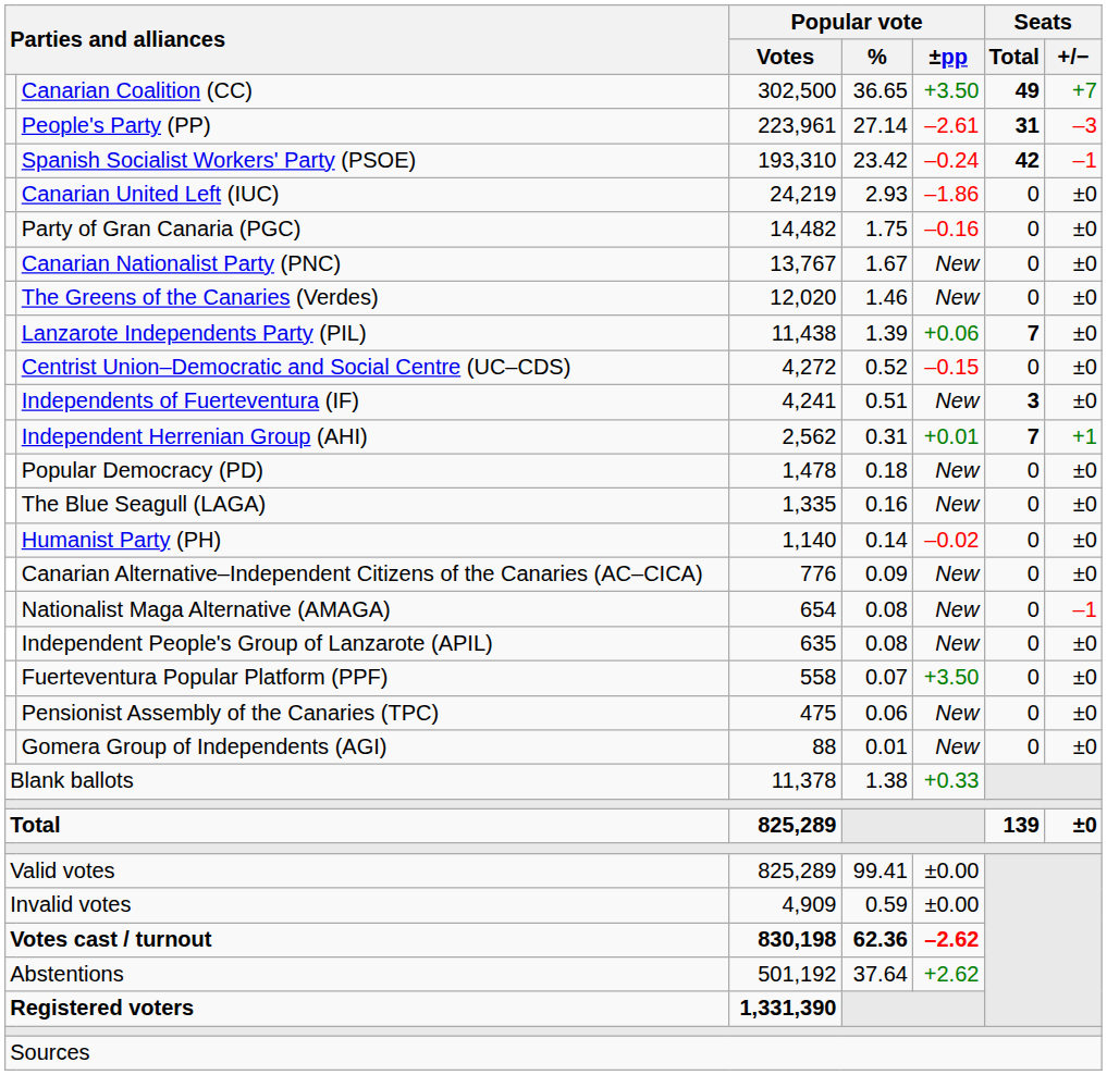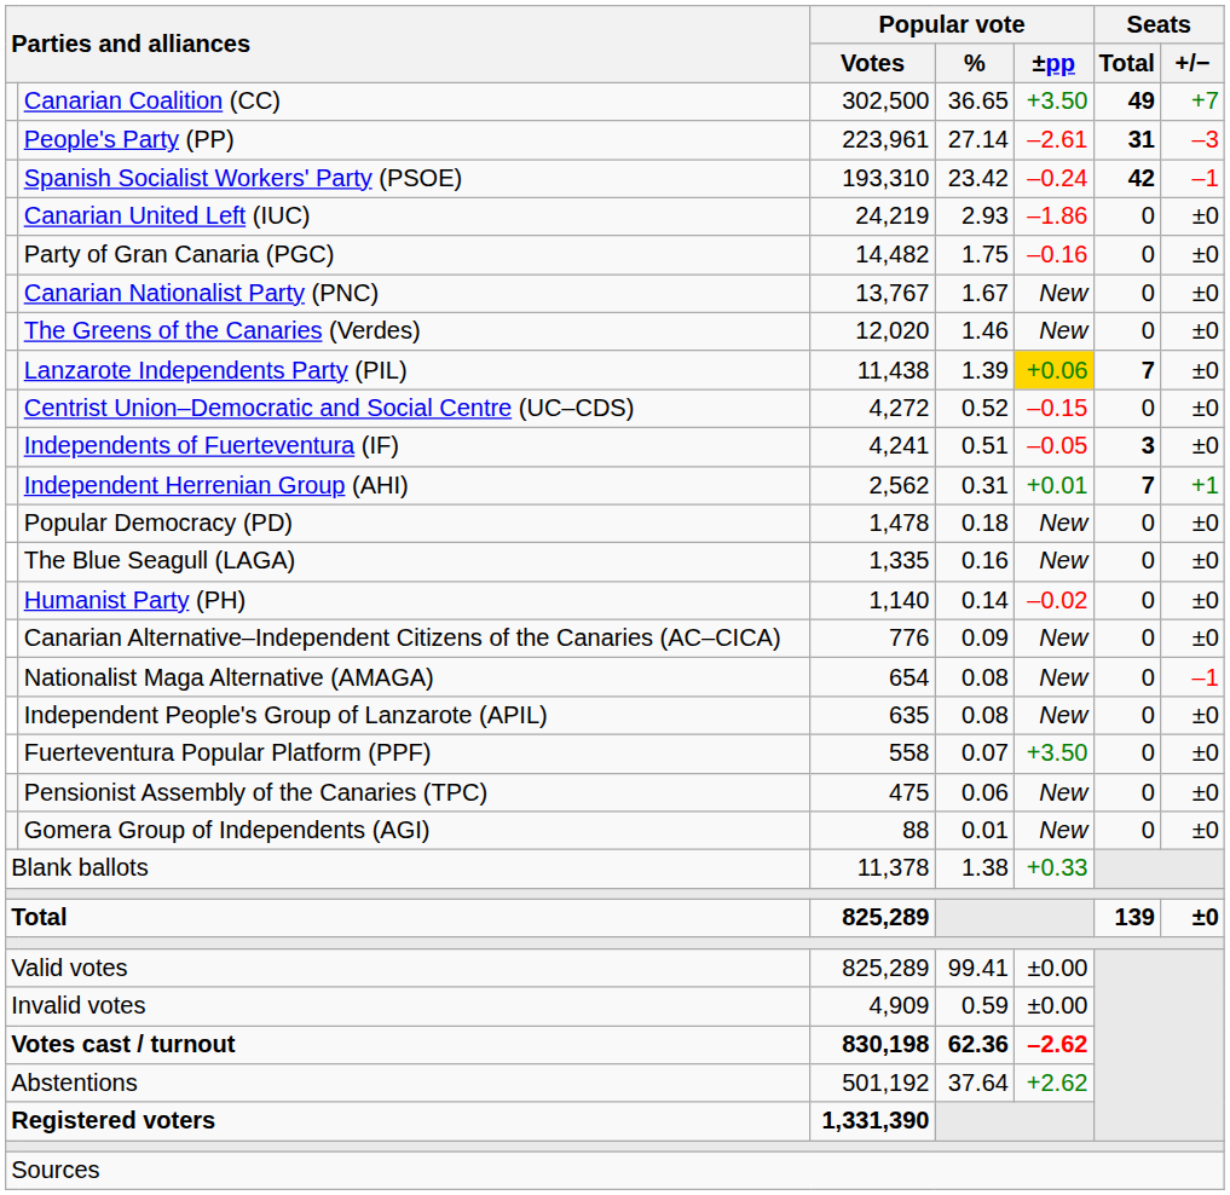 <table class="wikitable" style="text-align:right;">
 <tr>
 <th style="text-align:left;" rowspan="2" colspan="2" width="525">Parties and alliances</th>
 <th colspan="3">Popular vote</th>
 <th colspan="2">Seats</th>
 </tr>
 <tr>
 <th width="75">Votes</th>
 <th width="45">%</th>
 <th width="45">±<a href='#'>pp</a></th>
 <th width="35">Total</th>
 <th width="35">+/−</th>
 </tr>
 <tr>
 <td width="1" style="color:inherit;background:"></td>
 <td align="left"><a href='#'>Canarian Coalition</a> (CC)</td>
 <td>302,500</td>
 <td>36.65</td>
 <td style="color:green;">+3.50</td>
 <td><strong>49</strong></td>
 <td style="color:green;">+7</td>
 </tr>
 <tr>
 <td style="color:inherit;background:"></td>
 <td align="left"><a href='#'>People's Party</a> (PP)</td>
 <td>223,961</td>
 <td>27.14</td>
 <td style="color:red;">–2.61</td>
 <td><strong>31</strong></td>
 <td style="color:red;">–3</td>
 </tr>
 <tr>
 <td style="color:inherit;background:"></td>
 <td align="left"><a href='#'>Spanish Socialist Workers' Party</a> (PSOE)</td>
 <td>193,310</td>
 <td>23.42</td>
 <td style="color:red;">–0.24</td>
 <td><strong>42</strong></td>
 <td style="color:red;">–1</td>
 </tr>
 <tr>
 <td style="color:inherit;background:"></td>
 <td align="left"><a href='#'>Canarian United Left</a> (IUC)</td>
 <td>24,219</td>
 <td>2.93</td>
 <td style="color:red;">–1.86</td>
 <td>0</td>
 <td>±0</td>
 </tr>
 <tr>
 <td style="color:inherit;background:"></td>
 <td align="left">Party of Gran Canaria (PGC)</td>
 <td>14,482</td>
 <td>1.75</td>
 <td style="color:red;">–0.16</td>
 <td>0</td>
 <td>±0</td>
 </tr>
 <tr>
 <td style="color:inherit;background:"></td>
 <td align="left"><a href='#'>Canarian Nationalist Party</a> (PNC)</td>
 <td>13,767</td>
 <td>1.67</td>
 <td><em>New</em></td>
 <td>0</td>
 <td>±0</td>
 </tr>
 <tr>
 <td style="color:inherit;background:"></td>
 <td align="left"><a href='#'>The Greens of the Canaries</a> (Verdes)</td>
 <td>12,020</td>
 <td>1.46</td>
 <td><em>New</em></td>
 <td>0</td>
 <td>±0</td>
 </tr>
 <tr>
 <td style="color:inherit;background:"></td>
 <td align="left"><a href='#'>Lanzarote Independents Party</a> (PIL)</td>
 <td>11,438</td>
 <td>1.39</td>
-<td style="color:green;">+0.06</td>
+<td style="background: gold; color:green;">+0.06</td>
 <td><strong>7</strong></td>
 <td>±0</td>
 </tr>
 <tr>
 <td style="color:inherit;background:"></td>
 <td align="left"><a href='#'>Centrist Union–Democratic and Social Centre</a> (UC–CDS)</td>
 <td>4,272</td>
 <td>0.52</td>
 <td style="color:red;">–0.15</td>
 <td>0</td>
 <td>±0</td>
 </tr>
 <tr>
 <td style="color:inherit;background:"></td>
 <td align="left"><a href='#'>Independents of Fuerteventura</a> (IF)</td>
 <td>4,241</td>
 <td>0.51</td>
-<td><em>New</em></td>
+<td style="color:red;">–0.05</td>
 <td><strong>3</strong></td>
 <td>±0</td>
 </tr>
 <tr>
 <td style="color:inherit;background:"></td>
 <td align="left"><a href='#'>Independent Herrenian Group</a> (AHI)</td>
 <td>2,562</td>
 <td>0.31</td>
 <td style="color:green;">+0.01</td>
 <td><strong>7</strong></td>
 <td style="color:green;">+1</td>
 </tr>
 <tr>
 <td bgcolor="white"></td>
 <td align="left">Popular Democracy (PD)</td>
 <td>1,478</td>
 <td>0.18</td>
 <td><em>New</em></td>
 <td>0</td>
 <td>±0</td>
 </tr>
 <tr>
 <td bgcolor="white"></td>
 <td align="left">The Blue Seagull (LAGA)</td>
 <td>1,335</td>
 <td>0.16</td>
 <td><em>New</em></td>
 <td>0</td>
 <td>±0</td>
 </tr>
 <tr>
 <td style="color:inherit;background:"></td>
 <td align="left"><a href='#'>Humanist Party</a> (PH)</td>
 <td>1,140</td>
 <td>0.14</td>
 <td style="color:red;">–0.02</td>
 <td>0</td>
 <td>±0</td>
 </tr>
 <tr>
 <td bgcolor="white"></td>
 <td align="left">Canarian Alternative–Independent Citizens of the Canaries (AC–CICA)</td>
 <td>776</td>
 <td>0.09</td>
 <td><em>New</em></td>
 <td>0</td>
 <td>±0</td>
 </tr>
 <tr>
 <td style="color:inherit;background:"></td>
 <td align="left">Nationalist Maga Alternative (AMAGA)</td>
 <td>654</td>
 <td>0.08</td>
 <td><em>New</em></td>
 <td>0</td>
 <td style="color:red;">–1</td>
 </tr>
 <tr>
 <td bgcolor="white"></td>
 <td align="left">Independent People's Group of Lanzarote (APIL)</td>
 <td>635</td>
 <td>0.08</td>
 <td><em>New</em></td>
 <td>0</td>
 <td>±0</td>
 </tr>
 <tr>
 <td bgcolor="white"></td>
 <td align="left">Fuerteventura Popular Platform (PPF)</td>
 <td>558</td>
 <td>0.07</td>
 <td style="color:green;">+3.50</td>
 <td>0</td>
 <td>±0</td>
 </tr>
 <tr>
 <td style="color:inherit;background:"></td>
 <td align="left">Pensionist Assembly of the Canaries (TPC)</td>
 <td>475</td>
 <td>0.06</td>
 <td><em>New</em></td>
 <td>0</td>
 <td>±0</td>
 </tr>
 <tr>
 <td style="color:inherit;background:"></td>
 <td align="left">Gomera Group of Independents (AGI)</td>
 <td>88</td>
 <td>0.01</td>
 <td><em>New</em></td>
 <td>0</td>
 <td>±0</td>
 </tr>
 <tr>
 <td align="left" colspan="2">Blank ballots</td>
 <td>11,378</td>
 <td>1.38</td>
 <td style="color:green;">+0.33</td>
 <td bgcolor="#E9E9E9" colspan="2"></td>
 </tr>
 <tr>
 <td colspan="7" bgcolor="#E9E9E9"></td>
 </tr>
 <tr style="font-weight:bold;">
 <td align="left" colspan="2">Total</td>
 <td>825,289</td>
 <td bgcolor="#E9E9E9" colspan="2"></td>
 <td>139</td>
 <td>±0</td>
 </tr>
 <tr>
 <td colspan="7" bgcolor="#E9E9E9"></td>
 </tr>
 <tr>
 <td align="left" colspan="2">Valid votes</td>
 <td>825,289</td>
 <td>99.41</td>
 <td>±0.00</td>
 <td bgcolor="#E9E9E9" colspan="2" rowspan="5"></td>
 </tr>
 <tr>
 <td align="left" colspan="2">Invalid votes</td>
 <td>4,909</td>
 <td>0.59</td>
 <td>±0.00</td>
 </tr>
 <tr style="font-weight:bold;">
 <td align="left" colspan="2">Votes cast / turnout</td>
 <td>830,198</td>
 <td>62.36</td>
 <td style="color:red;">–2.62</td>
 </tr>
 <tr>
 <td align="left" colspan="2">Abstentions</td>
 <td>501,192</td>
 <td>37.64</td>
 <td style="color:green;">+2.62</td>
 </tr>
 <tr style="font-weight:bold;">
 <td align="left" colspan="2">Registered voters</td>
 <td>1,331,390</td>
 <td bgcolor="#E9E9E9" colspan="2"></td>
 </tr>
 <tr>
 <td colspan="7" bgcolor="#E9E9E9"></td>
 </tr>
 <tr>
 <td align="left" colspan="7">Sources</td>
 </tr>
 </table>
